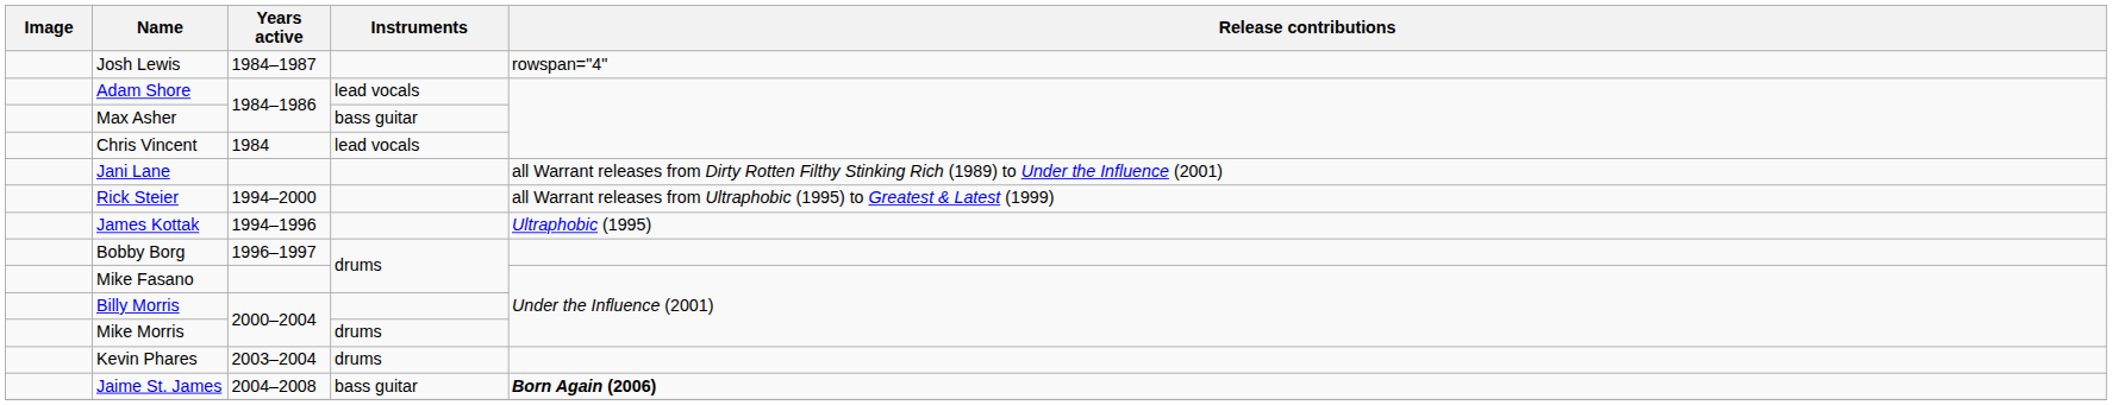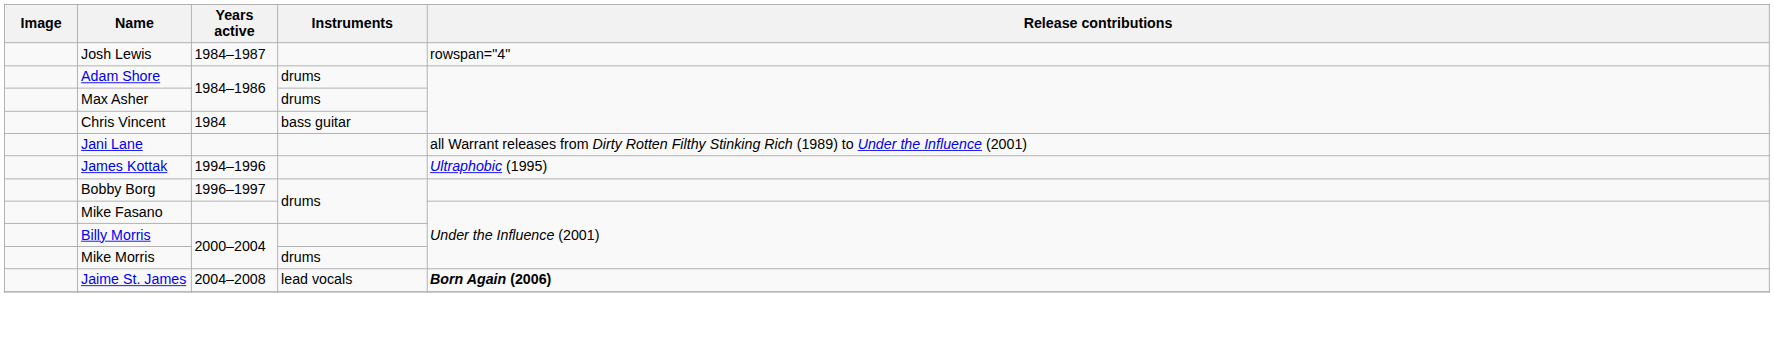 <table class="wikitable" border="1" width=100%>
 <tr>
 <th width="75">Image</th>
 <th width="120">Name</th>
 <th width="90">Years active</th>
 <th width="160">Instruments</th>
 <th>Release contributions</th>
 </tr>
 <tr>
 <td></td>
 <td>Josh Lewis</td>
 <td>1984–1987</td>
 <td></td>
 <td>rowspan="4" </td>
 </tr>
 <tr>
 <td></td>
 <td><a href='#'>Adam Shore</a></td>
 <td rowspan="2">1984–1986</td>
-<td>lead vocals</td>
+<td>drums</td>
 </tr>
 <tr>
 <td></td>
 <td>Max Asher <br> </td>
-<td>bass guitar</td>
+<td>drums</td>
 </tr>
 <tr>
 <td></td>
 <td>Chris Vincent</td>
 <td>1984</td>
-<td>lead vocals</td>
+<td>bass guitar</td>
 </tr>
 <tr>
 <td></td>
 <td><a href='#'>Jani Lane</a> <br> </td>
 <td></td>
 <td></td>
 <td>all Warrant releases from <em>Dirty Rotten Filthy Stinking Rich</em> (1989) to <em><a href='#'>Under the Influence</a></em> (2001)</td>
-</tr>
-<tr>
-<td></td>
-<td><a href='#'>Rick Steier</a></td>
-<td>1994–2000</td>
-<td></td>
-<td>all Warrant releases from <em>Ultraphobic</em> (1995) to <em><a href='#'>Greatest & Latest</a></em> (1999)</td>
 </tr>
 <tr>
 <td></td>
 <td><a href='#'>James Kottak</a></td>
 <td>1994–1996 </td>
 <td></td>
 <td><em><a href='#'>Ultraphobic</a></em> (1995)</td>
 </tr>
 <tr>
 <td></td>
 <td>Bobby Borg</td>
 <td>1996–1997</td>
 <td rowspan="2">drums</td>
 <td></td>
 </tr>
 <tr>
 <td></td>
 <td>Mike Fasano</td>
 <td></td>
 <td rowspan="3"><em>Under the Influence</em> (2001)</td>
 </tr>
 <tr>
 <td></td>
 <td><a href='#'>Billy Morris</a></td>
 <td rowspan="2">2000–2004</td>
 <td></td>
 </tr>
 <tr>
 <td></td>
 <td>Mike Morris</td>
 <td>drums</td>
 </tr>
 <tr>
 <td></td>
-<td>Kevin Phares</td>
-<td>2003–2004</td>
-<td>drums</td>
-<td></td>
-</tr>
-<tr>
-<td></td>
 <td><a href='#'>Jaime St. James</a></td>
 <td>2004–2008</td>
-<td>bass guitar</td>
+<td>lead vocals</td>
 <td><strong><em>Born Again</em> (2006)</strong></td>
 </tr>
 <tr>
 </tr>
 </table>
